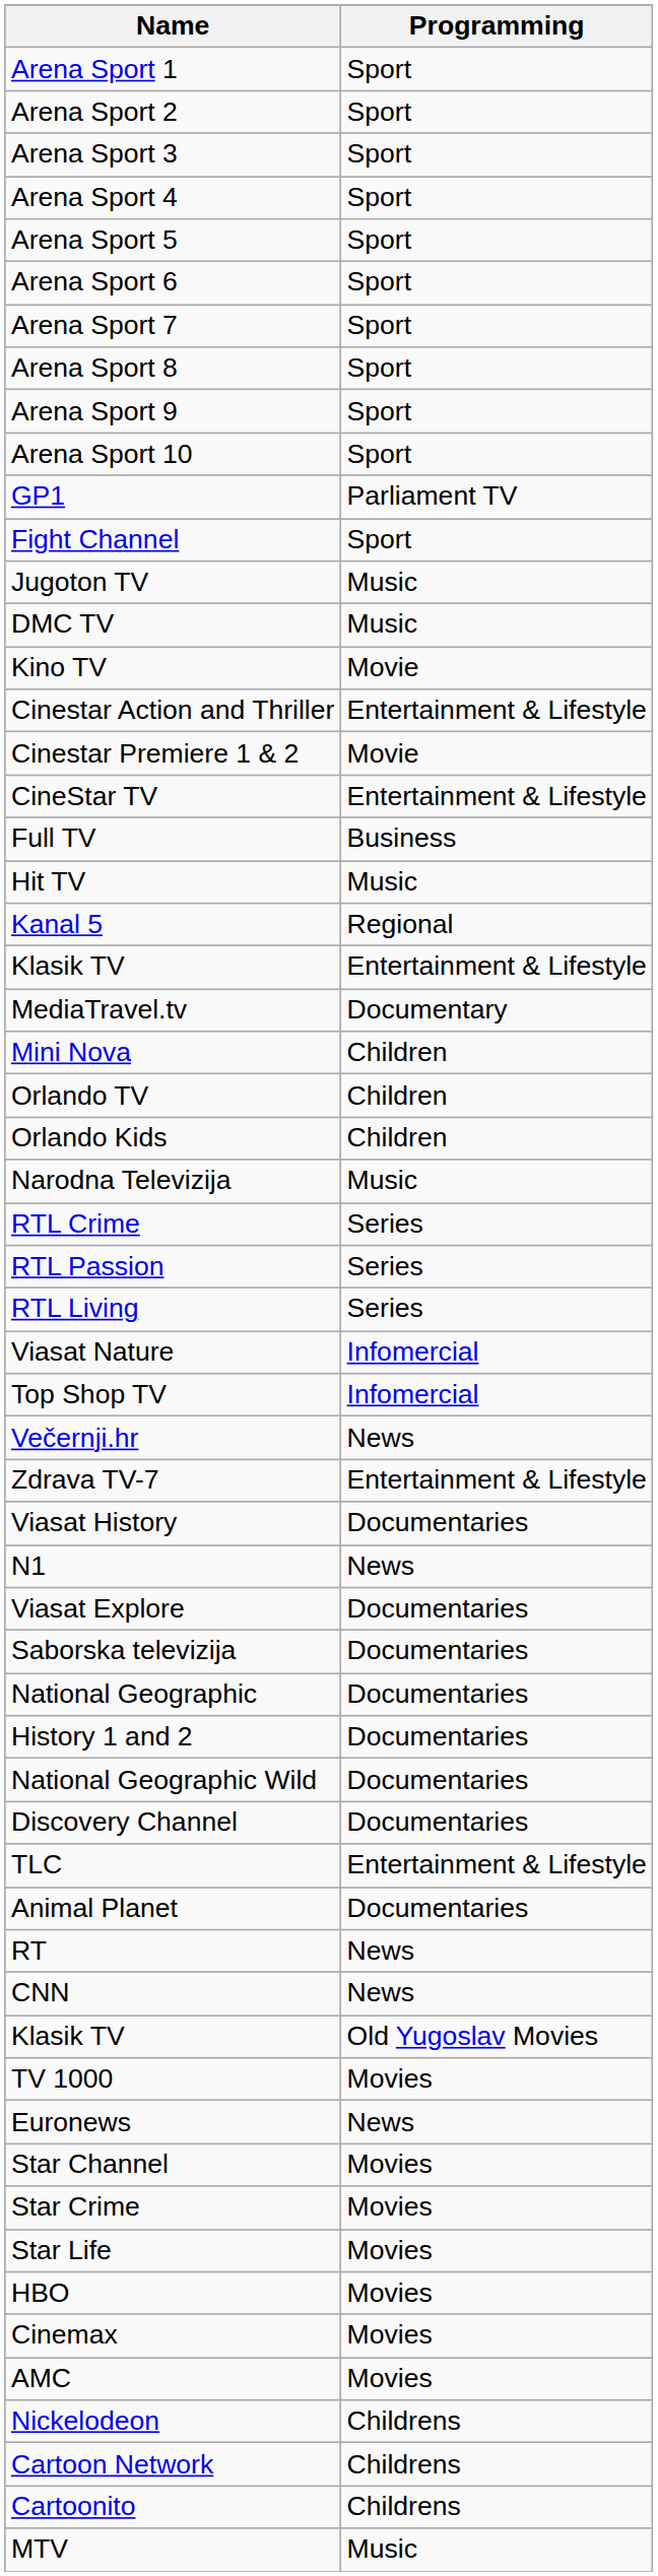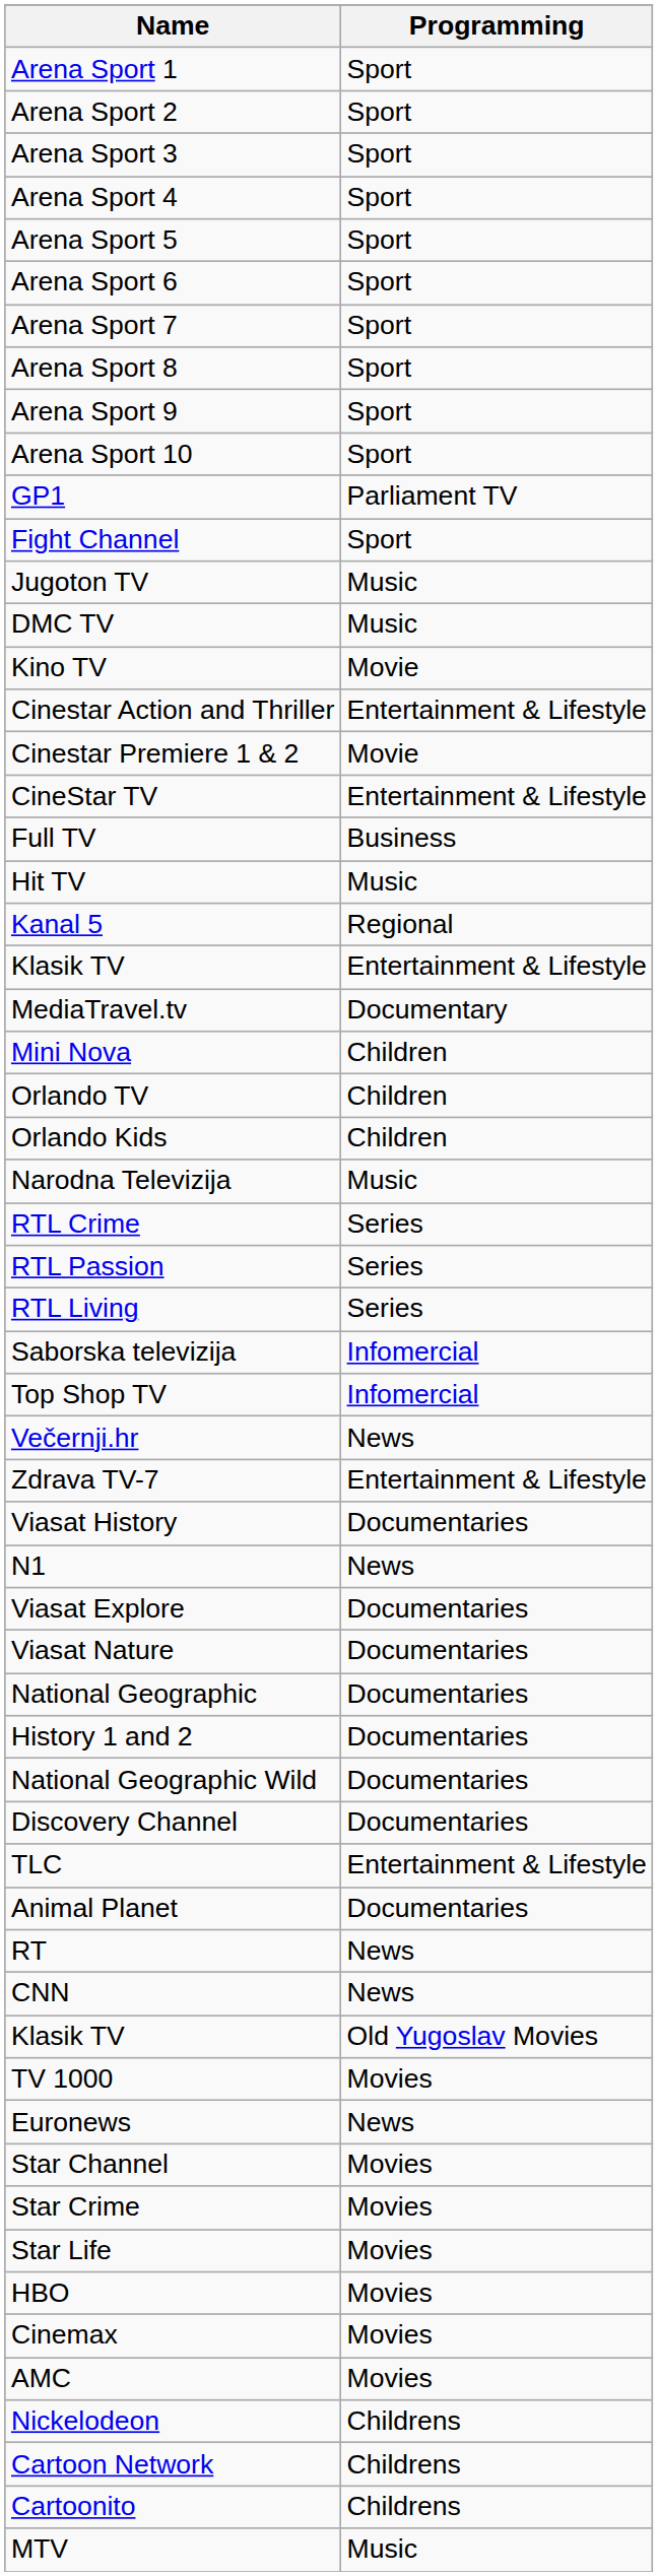 <table class="wikitable sortable">
 <tr>
 </tr>
 <tr>
 <th>Name</th>
 <th>Programming</th>
 </tr>
 <tr>
 <td><a href='#'>Arena Sport</a> 1</td>
 <td>Sport</td>
 </tr>
 <tr>
 <td>Arena Sport 2</td>
 <td>Sport</td>
 </tr>
 <tr>
 <td>Arena Sport 3</td>
 <td>Sport</td>
 </tr>
 <tr>
 <td>Arena Sport 4</td>
 <td>Sport</td>
 </tr>
 <tr>
 <td>Arena Sport 5</td>
 <td>Sport</td>
 </tr>
 <tr>
 <td>Arena Sport 6</td>
 <td>Sport</td>
 </tr>
 <tr>
 <td>Arena Sport 7</td>
 <td>Sport</td>
 </tr>
 <tr>
 <td>Arena Sport 8</td>
 <td>Sport</td>
 </tr>
 <tr>
 <td>Arena Sport 9</td>
 <td>Sport</td>
 </tr>
 <tr>
 <td>Arena Sport 10</td>
 <td>Sport</td>
 </tr>
 <tr>
 <td><a href='#'>GP1</a></td>
 <td>Parliament TV</td>
 </tr>
 <tr>
 <td><a href='#'>Fight Channel</a></td>
 <td>Sport</td>
 </tr>
 <tr>
 <td>Jugoton TV</td>
 <td>Music</td>
 </tr>
 <tr>
 <td>DMC TV</td>
 <td>Music</td>
 </tr>
 <tr>
 <td>Kino TV</td>
 <td>Movie</td>
 </tr>
 <tr>
 <td>Cinestar Action and Thriller</td>
 <td>Entertainment & Lifestyle</td>
 </tr>
 <tr>
 <td>Cinestar Premiere 1 & 2</td>
 <td>Movie</td>
 </tr>
 <tr>
 <td>CineStar TV</td>
 <td>Entertainment & Lifestyle</td>
 </tr>
 <tr>
 <td>Full TV</td>
 <td>Business</td>
 </tr>
 <tr>
 <td>Hit TV</td>
 <td>Music</td>
 </tr>
 <tr>
 <td><a href='#'>Kanal 5</a></td>
 <td>Regional</td>
 </tr>
 <tr>
 <td>Klasik TV</td>
 <td>Entertainment & Lifestyle</td>
 </tr>
 <tr>
 <td>MediaTravel.tv</td>
 <td>Documentary</td>
 </tr>
 <tr>
 <td><a href='#'>Mini Nova</a></td>
 <td>Children</td>
 </tr>
 <tr>
 <td>Orlando TV</td>
 <td>Children</td>
 </tr>
 <tr>
 <td>Orlando Kids</td>
 <td>Children</td>
 </tr>
 <tr>
 <td>Narodna Televizija</td>
 <td>Music</td>
 </tr>
 <tr>
 <td><a href='#'>RTL Crime</a></td>
 <td>Series</td>
 </tr>
 <tr>
 <td><a href='#'>RTL Passion</a></td>
 <td>Series</td>
 </tr>
 <tr>
 <td><a href='#'>RTL Living</a></td>
 <td>Series</td>
 </tr>
 <tr>
-<td>Viasat Nature</td>
+<td>Saborska televizija</td>
 <td><a href='#'>Infomercial</a></td>
 </tr>
 <tr>
 <td>Top Shop TV</td>
 <td><a href='#'>Infomercial</a></td>
 </tr>
 <tr>
 <td><a href='#'>Večernji.hr</a></td>
 <td>News</td>
 </tr>
 <tr>
 <td>Zdrava TV-7</td>
 <td>Entertainment & Lifestyle</td>
 </tr>
 <tr>
 <td>Viasat History</td>
 <td>Documentaries</td>
 </tr>
 <tr>
 <td>N1</td>
 <td>News</td>
 </tr>
 <tr>
 <td>Viasat Explore</td>
 <td>Documentaries</td>
 </tr>
 <tr>
-<td>Saborska televizija</td>
+<td>Viasat Nature</td>
 <td>Documentaries</td>
 </tr>
 <tr>
 <td>National Geographic</td>
 <td>Documentaries</td>
 </tr>
 <tr>
 <td>History 1 and 2</td>
 <td>Documentaries</td>
 </tr>
 <tr>
 <td>National Geographic Wild</td>
 <td>Documentaries</td>
 </tr>
 <tr>
 <td>Discovery Channel</td>
 <td>Documentaries</td>
 </tr>
 <tr>
 <td>TLC</td>
 <td>Entertainment & Lifestyle</td>
 </tr>
 <tr>
 <td>Animal Planet</td>
 <td>Documentaries</td>
 </tr>
 <tr>
 <td>RT</td>
 <td>News</td>
 </tr>
 <tr>
 <td>CNN</td>
 <td>News</td>
 </tr>
 <tr>
 <td>Klasik TV</td>
 <td>Old <a href='#'>Yugoslav</a> Movies</td>
 </tr>
 <tr>
 <td>TV 1000</td>
 <td>Movies</td>
 </tr>
 <tr>
 <td>Euronews</td>
 <td>News</td>
 </tr>
 <tr>
 <td>Star Channel</td>
 <td>Movies</td>
 </tr>
 <tr>
 <td>Star Crime</td>
 <td>Movies</td>
 </tr>
 <tr>
 <td>Star Life</td>
 <td>Movies</td>
 </tr>
 <tr>
 <td>HBO</td>
 <td>Movies</td>
 </tr>
 <tr>
 <td>Cinemax</td>
 <td>Movies</td>
 </tr>
 <tr>
 <td>AMC</td>
 <td>Movies</td>
 </tr>
 <tr>
 <td><a href='#'>Nickelodeon</a></td>
 <td>Childrens</td>
 </tr>
 <tr>
 <td><a href='#'>Cartoon Network</a></td>
 <td>Childrens</td>
 </tr>
 <tr>
 <td><a href='#'>Cartoonito</a></td>
 <td>Childrens</td>
 </tr>
 <tr>
 <td>MTV</td>
 <td>Music</td>
 </tr>
 </table>
